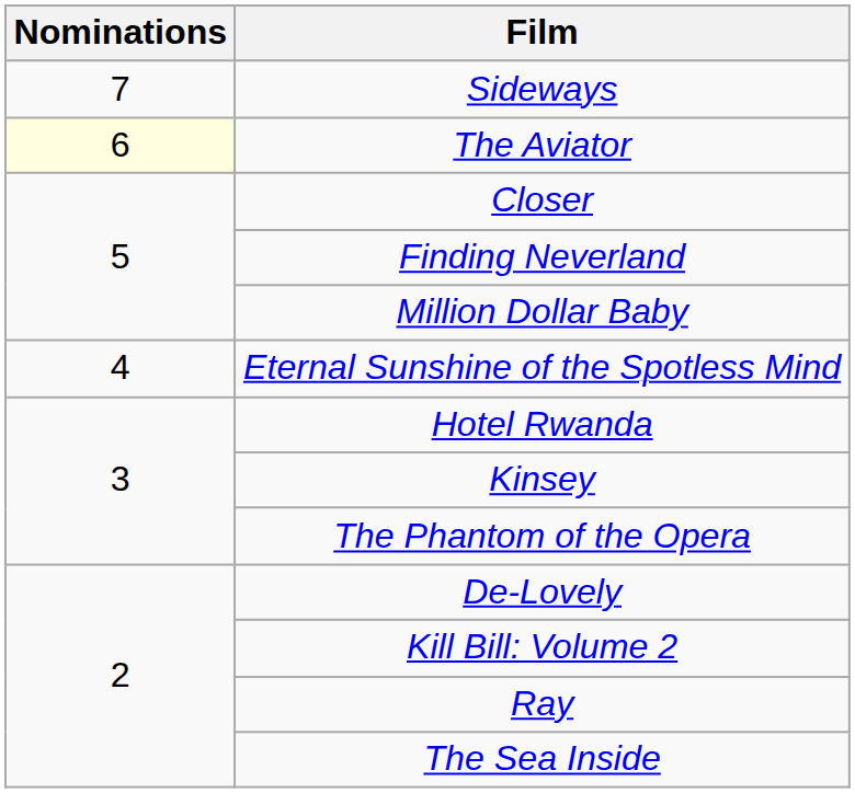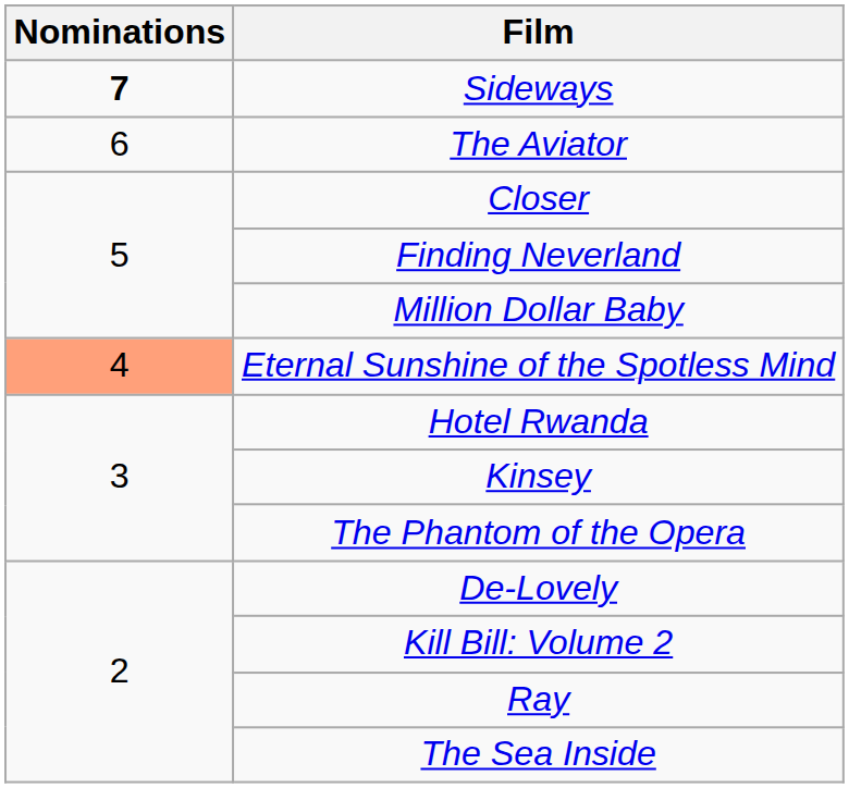 <table class="wikitable" style="text-align: center">
 <tr>
 <th scope="col" width="55">Nominations</th>
 <th scope="col" align="center">Film</th>
 </tr>
 <tr>
-<td align="center">7</td>
+<td align="center"><strong>7</strong></td>
 <td><em><a href='#'>Sideways</a></em></td>
 </tr>
 <tr>
-<td align="center" style="background: lightyellow;">6</td>
+<td align="center">6</td>
 <td><em><a href='#'>The Aviator</a></em></td>
 </tr>
 <tr>
 <td rowspan="3" style="text-align:center">5</td>
 <td><em><a href='#'>Closer</a></em></td>
 </tr>
 <tr>
 <td><em><a href='#'>Finding Neverland</a></em></td>
 </tr>
 <tr>
 <td><em><a href='#'>Million Dollar Baby</a></em></td>
 </tr>
 <tr>
-<td align="center">4</td>
+<td align="center" style="background: lightsalmon;">4</td>
 <td><em><a href='#'>Eternal Sunshine of the Spotless Mind</a></em></td>
 </tr>
 <tr>
 <td rowspan="3" style="text-align:center">3</td>
 <td><em><a href='#'>Hotel Rwanda</a></em></td>
 </tr>
 <tr>
 <td><em><a href='#'>Kinsey</a></em></td>
 </tr>
 <tr>
 <td><em><a href='#'>The Phantom of the Opera</a></em></td>
 </tr>
 <tr>
 <td rowspan="4" style="text-align:center">2</td>
 <td><em><a href='#'>De-Lovely</a></em></td>
 </tr>
 <tr>
 <td><em><a href='#'>Kill Bill: Volume 2</a></em></td>
 </tr>
 <tr>
 <td><em><a href='#'>Ray</a></em></td>
 </tr>
 <tr>
 <td><em><a href='#'>The Sea Inside</a></em></td>
 </tr>
 </table>
